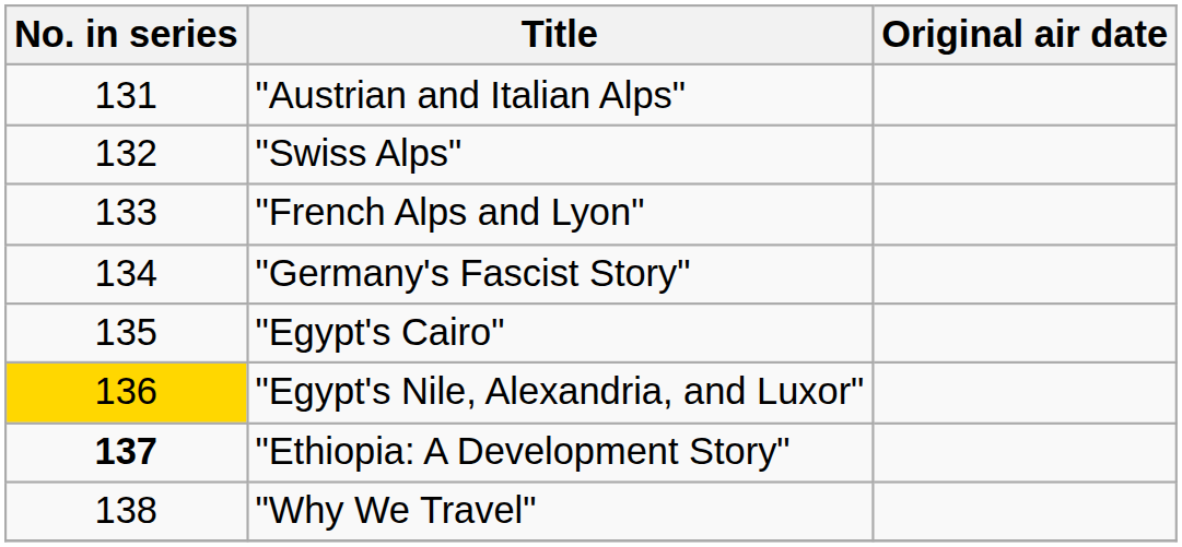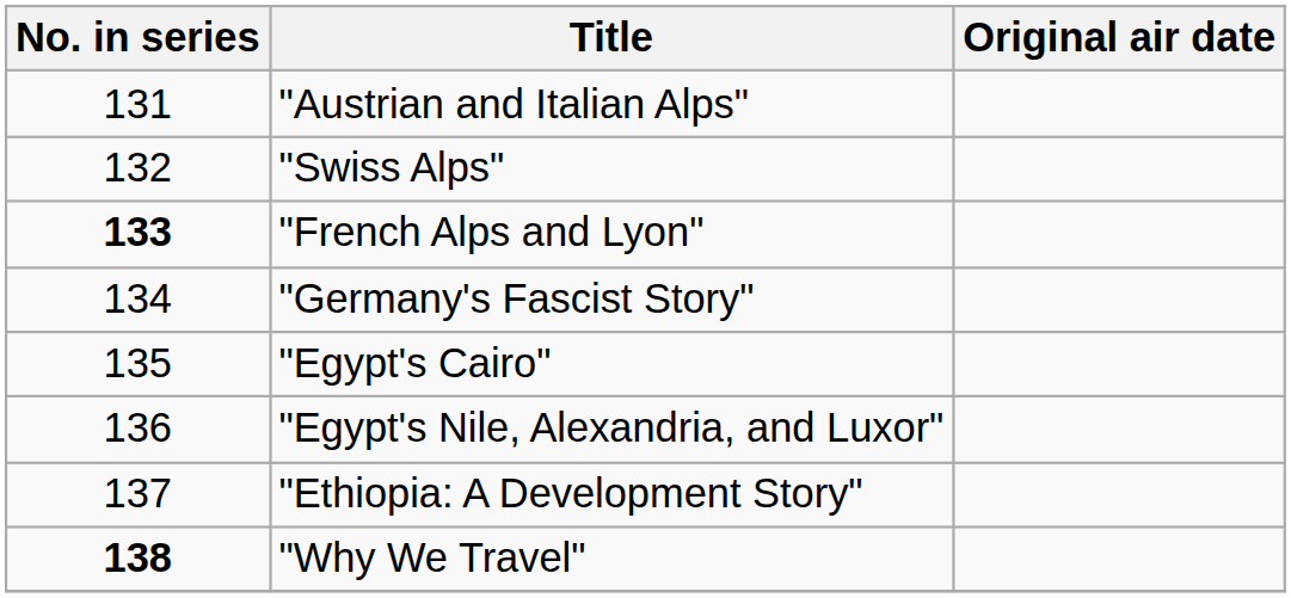 <table class="wikitable plainrowheaders" style="text-align:center">
 <tr>
 <th scope="col">No. in series</th>
 <th scope="col">Title</th>
 <th scope="col">Original air date</th>
 </tr>
 <tr>
 <td scope="row">131</td>
 <td style="text-align:left">"Austrian and Italian Alps"</td>
 <td></td>
 </tr>
 <tr>
 <td scope="row">132</td>
 <td style="text-align:left">"Swiss Alps"</td>
 <td></td>
 </tr>
 <tr>
-<td scope="row">133</td>
+<td scope="row"><strong>133</strong></td>
 <td style="text-align:left">"French Alps and Lyon"</td>
 <td></td>
 </tr>
 <tr>
 <td scope="row">134</td>
 <td style="text-align:left">"Germany's Fascist Story"</td>
 <td></td>
 </tr>
 <tr>
 <td scope="row">135</td>
 <td style="text-align:left">"Egypt's Cairo"</td>
 <td></td>
 </tr>
 <tr>
-<td scope="row" style="background: gold;">136</td>
+<td scope="row">136</td>
 <td style="text-align:left">"Egypt's Nile, Alexandria, and Luxor"</td>
 <td></td>
 </tr>
 <tr>
-<td scope="row"><strong>137</strong></td>
+<td scope="row">137</td>
 <td style="text-align:left">"Ethiopia: A Development Story"</td>
 <td></td>
 </tr>
 <tr>
-<td scope="row">138</td>
+<td scope="row"><strong>138</strong></td>
 <td style="text-align:left">"Why We Travel"</td>
 <td></td>
 </tr>
 <tr>
 </tr>
 </table>
